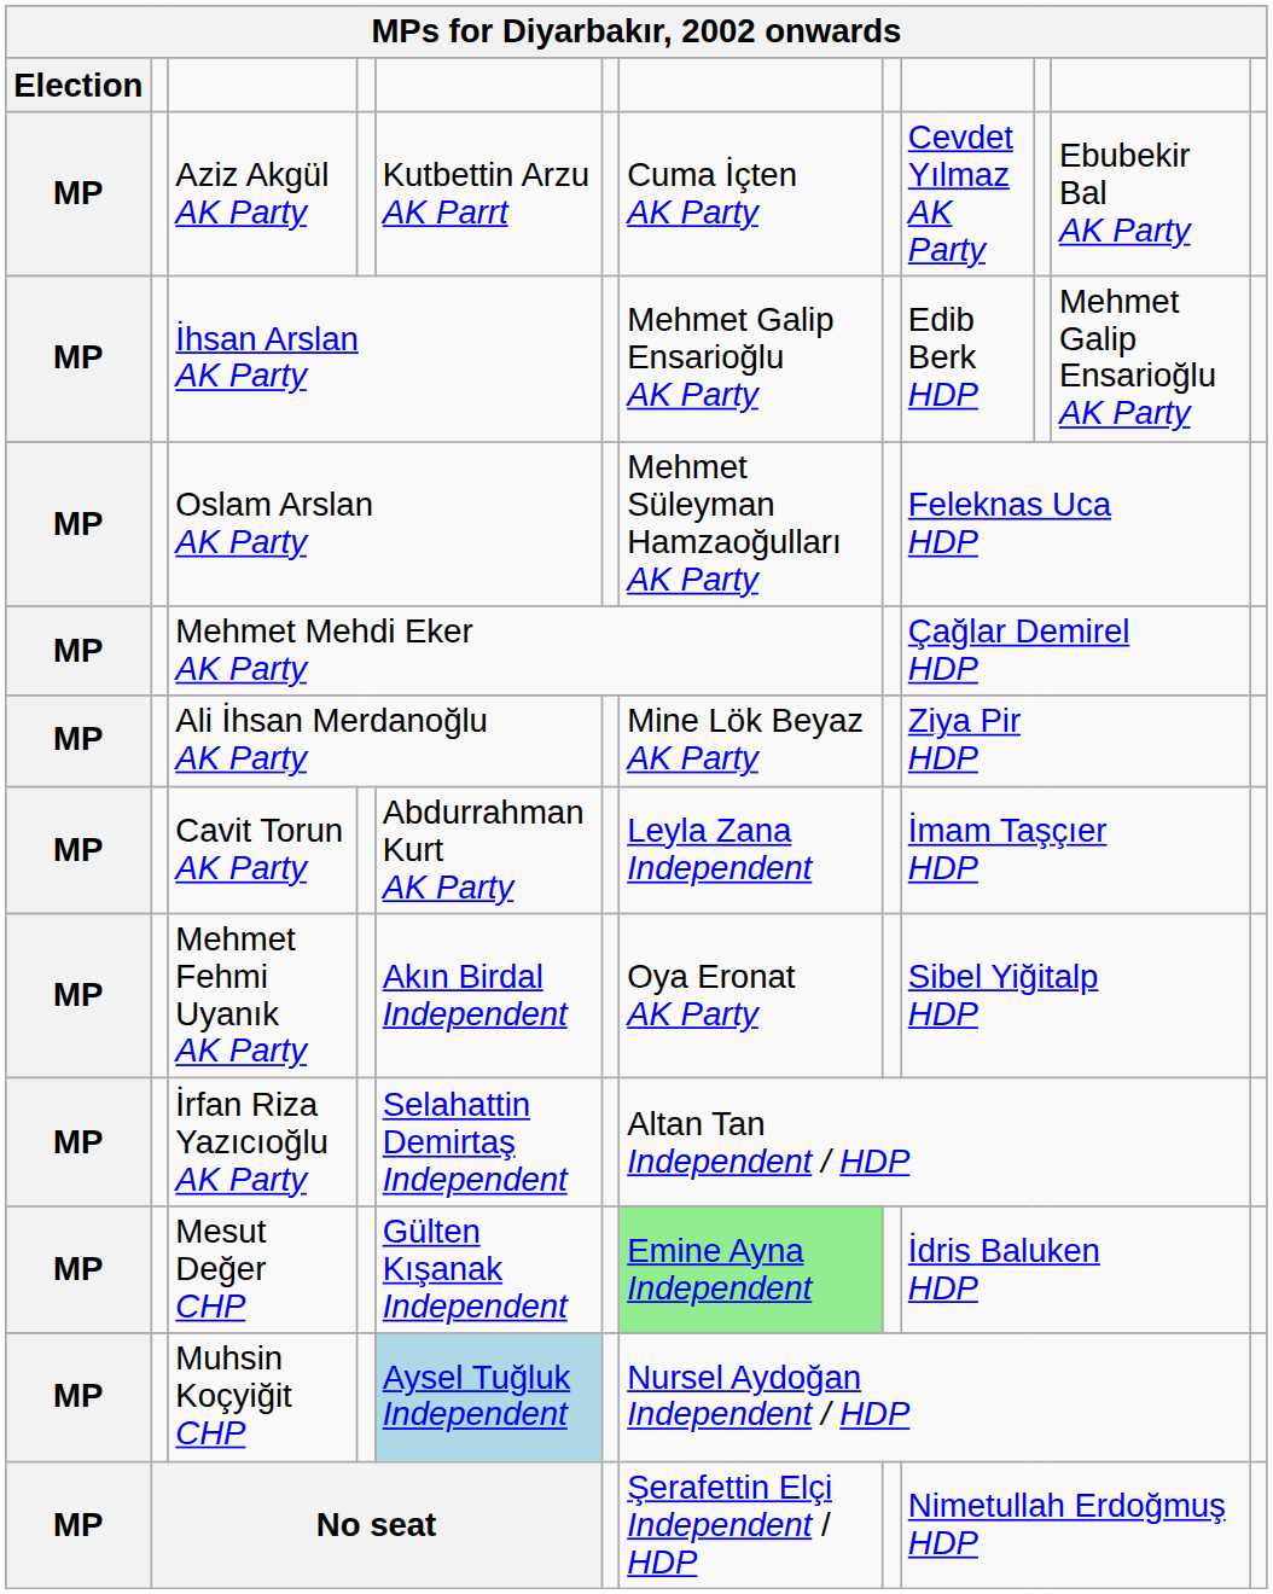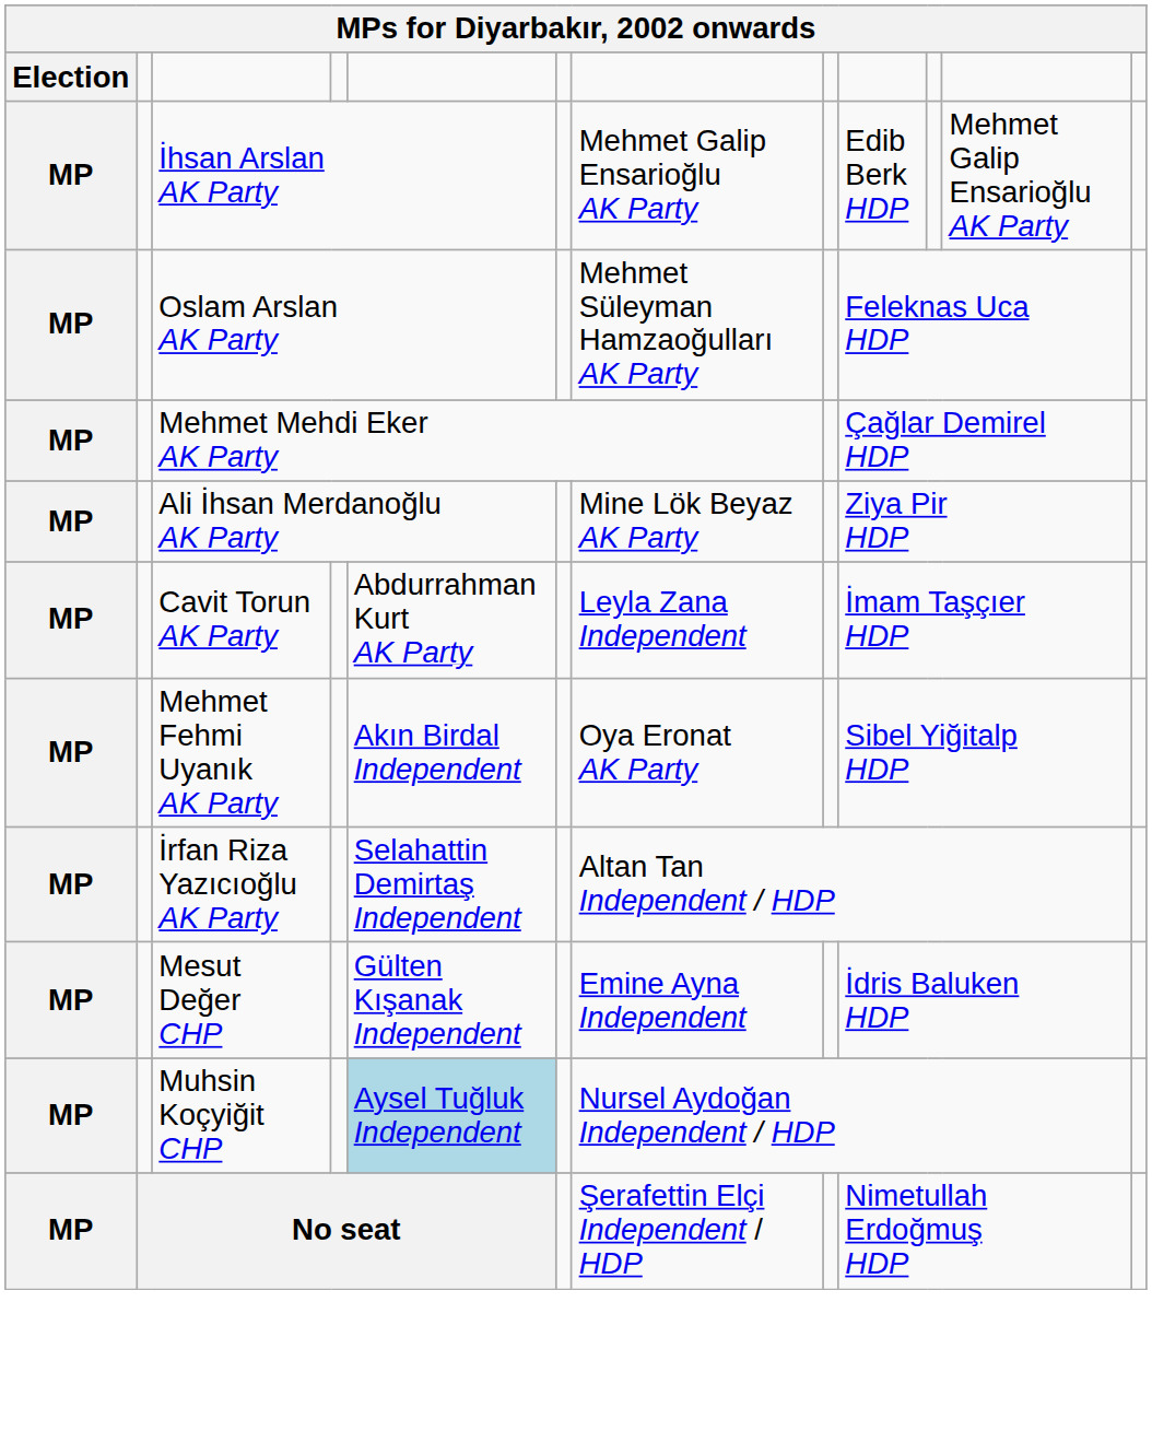 <table class="wikitable">
 <tr>
 <th colspan = 12>MPs for Diyarbakır, 2002 onwards</th>
 </tr>
 <tr>
 <th rowspan = 2>Election</th>
 <td rowspan="2" style="width:1px;"></td>
 <td rowspan = 2></td>
 <td rowspan="2" style="width:1px;"></td>
 <td rowspan = 2></td>
 <td rowspan="2" style="width:1px;"></td>
 <td rowspan = 2></td>
 <td rowspan="2" style="width:1px;"></td>
 <td rowspan = 2></td>
 <td rowspan="2" style="width:1px;"></td>
 <td rowspan = 2></td>
 </tr>
 <tr>
 <td></td>
-</tr>
-<tr>
-<th>MP</th>
-<td width=1px style="background-color: "></td>
-<td colspan = 1>Aziz Akgül<br><em><a href='#'>AK Party</a></em></td>
-<td width=1px style="background-color: "></td>
-<td colspan = 1>Kutbettin Arzu<br><em><a href='#'>AK Parrt</a></em></td>
-<td width=1px style="background-color: "></td>
-<td colspan = 1>Cuma İçten<br><em><a href='#'>AK Party</a></em></td>
-<td width=1px style="background-color: "></td>
-<td colspan = 1><a href='#'>Cevdet Yılmaz</a><br><em><a href='#'>AK Party</a></em></td>
-<td width=1px style="background-color: "></td>
-<td colspan = 1>Ebubekir Bal<br><em><a href='#'>AK Party</a></em></td>
-<td width=1px style="background-color: "></td>
 </tr>
 <tr>
 <th>MP</th>
 <td width=1px style="background-color: "></td>
 <td colspan = 3><a href='#'>İhsan Arslan</a><br><em><a href='#'>AK Party</a></em></td>
 <td width=1px style="background-color: "></td>
 <td colspan = 1>Mehmet Galip Ensarioğlu<br><em><a href='#'>AK Party</a></em></td>
 <td width=1px style="background-color: "></td>
 <td colspan = 1>Edib Berk<br><em><a href='#'>HDP</a></em></td>
 <td width=1px style="background-color: "></td>
 <td colspan = 1>Mehmet Galip Ensarioğlu<br><em><a href='#'>AK Party</a></em></td>
 <td width=1px style="background-color: "></td>
 </tr>
 <tr>
 <th>MP</th>
 <td width=1px style="background-color: "></td>
 <td colspan = 3>Oslam Arslan<br><em><a href='#'>AK Party</a></em></td>
 <td width=1px style="background-color: "></td>
 <td colspan = 1>Mehmet Süleyman Hamzaoğulları<br><em><a href='#'>AK Party</a></em></td>
 <td width=1px style="background-color: "></td>
 <td colspan = 3><a href='#'>Feleknas Uca</a><br><em><a href='#'>HDP</a></em></td>
 <td width=1px style="background-color: "></td>
 </tr>
 <tr>
 <th>MP</th>
 <td width=1px style="background-color: "></td>
 <td colspan = 5>Mehmet Mehdi Eker<br><em><a href='#'>AK Party</a></em></td>
 <td width=1px style="background-color: "></td>
 <td colspan = 3><a href='#'>Çağlar Demirel</a><br><em><a href='#'>HDP</a></em></td>
 <td width=1px style="background-color: "></td>
 </tr>
 <tr>
 <th>MP</th>
 <td width=1px style="background-color: "></td>
 <td colspan = 3>Ali İhsan Merdanoğlu<br><em><a href='#'>AK Party</a></em></td>
 <td width=1px style="background-color: "></td>
 <td colspan = 1>Mine Lök Beyaz<br><em><a href='#'>AK Party</a></em></td>
 <td width=1px style="background-color: "></td>
 <td colspan = 3><a href='#'>Ziya Pir</a><br><em><a href='#'>HDP</a></em></td>
 <td width=1px style="background-color: "></td>
 </tr>
 <tr>
 <th>MP</th>
 <td width=1px style="background-color: "></td>
 <td colspan = 1>Cavit Torun<br><em><a href='#'>AK Party</a></em></td>
 <td width=1px style="background-color: "></td>
 <td colspan = 1>Abdurrahman Kurt<br><em><a href='#'>AK Party</a></em></td>
 <td width=1px style="background-color: "></td>
 <td colspan = 1><a href='#'>Leyla Zana</a><br><em><a href='#'>Independent</a></em></td>
 <td width=1px style="background-color: "></td>
 <td colspan = 3><a href='#'>İmam Taşçıer</a><br><em><a href='#'>HDP</a></em></td>
 <td width=1px style="background-color: "></td>
 </tr>
 <tr>
 <th>MP</th>
 <td width=1px style="background-color: "></td>
 <td colspan = 1>Mehmet Fehmi Uyanık<br><em><a href='#'>AK Party</a></em></td>
 <td width=1px style="background-color: "></td>
 <td colspan = 1><a href='#'>Akın Birdal</a><br><em><a href='#'>Independent</a></em></td>
 <td width=1px style="background-color: "></td>
 <td colspan = 1>Oya Eronat<br><em><a href='#'>AK Party</a></em></td>
 <td width=1px style="background-color: "></td>
 <td colspan = 3><a href='#'>Sibel Yiğitalp</a><br><em><a href='#'>HDP</a></em></td>
 <td width=1px style="background-color: "></td>
 </tr>
 <tr>
 <th>MP</th>
 <td width=1px style="background-color: "></td>
 <td colspan = 1>İrfan Riza Yazıcıoğlu<br><em><a href='#'>AK Party</a></em></td>
 <td width=1px style="background-color: "></td>
 <td colspan = 1><a href='#'>Selahattin Demirtaş</a><br><em><a href='#'>Independent</a></em></td>
 <td width=1px style="background-color: "></td>
 <td colspan = 5>Altan Tan<br><em><a href='#'>Independent</a> / <a href='#'>HDP</a></em></td>
 <td width=1px style="background-color: "></td>
 </tr>
 <tr>
 <th>MP</th>
 <td width=1px style="background-color: "></td>
 <td colspan = 1>Mesut Değer<br><em><a href='#'>CHP</a></em></td>
 <td width=1px style="background-color: "></td>
 <td colspan = 1><a href='#'>Gülten Kışanak</a><br><em><a href='#'>Independent</a></em></td>
 <td width=1px style="background-color: "></td>
-<td colspan = 1 style="background: lightgreen;"><a href='#'>Emine Ayna</a><br><em><a href='#'>Independent</a></em></td>
+<td colspan = 1><a href='#'>Emine Ayna</a><br><em><a href='#'>Independent</a></em></td>
 <td width=1px style="background-color: "></td>
 <td colspan = 3><a href='#'>İdris Baluken</a><br><em><a href='#'>HDP</a></em></td>
 <td width=1px style="background-color: "></td>
 </tr>
 <tr>
 <th>MP</th>
 <td width=1px style="background-color: "></td>
 <td colspan = 1>Muhsin Koçyiğit<br><em><a href='#'>CHP</a></em></td>
 <td width=1px style="background-color: "></td>
 <td colspan = 1 style="background: lightblue;"><a href='#'>Aysel Tuğluk</a><br><em><a href='#'>Independent</a></em></td>
 <td width=1px style="background-color: "></td>
 <td colspan = 5><a href='#'>Nursel Aydoğan</a><br><em><a href='#'>Independent</a> / <a href='#'>HDP</a></em></td>
 <td width=1px style="background-color: "></td>
 </tr>
 <tr>
 <th>MP</th>
 <th colspan = 4>No seat</th>
 <td width=1px style="background-color: "></td>
 <td colspan = 1><a href='#'>Şerafettin Elçi</a><br><em><a href='#'>Independent</a></em> / <em><a href='#'>HDP</a></em></td>
 <td width=1px style="background-color: "></td>
 <td colspan = 3><a href='#'>Nimetullah Erdoğmuş</a><br><em><a href='#'>HDP</a></em></td>
 <td width=1px style="background-color: "></td>
 </tr>
 </table>
